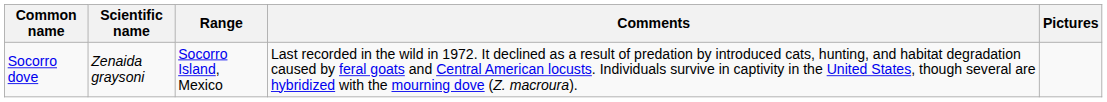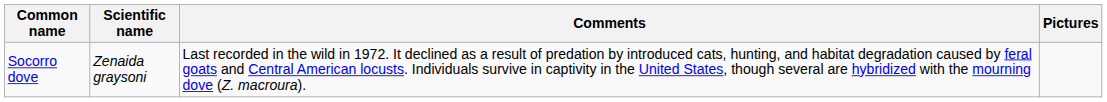 <table class="wikitable">
 <tr>
 <th>Common name</th>
 <th>Scientific name</th>
-<th>Range</th>
 <th class="unsortable">Comments</th>
 <th class="unsortable">Pictures</th>
 </tr>
 <tr>
 <td><a href='#'>Socorro dove</a></td>
 <td><em>Zenaida graysoni</em></td>
-<td><a href='#'>Socorro Island</a>, Mexico</td>
 <td>Last recorded in the wild in 1972. It declined as a result of predation by introduced cats, hunting, and habitat degradation caused by <a href='#'>feral goats</a> and <a href='#'>Central American locusts</a>. Individuals survive in captivity in the <a href='#'>United States</a>, though several are <a href='#'>hybridized</a> with the <a href='#'>mourning dove</a> (<em>Z. macroura</em>).</td>
 <td></td>
 </tr>
 </table>
